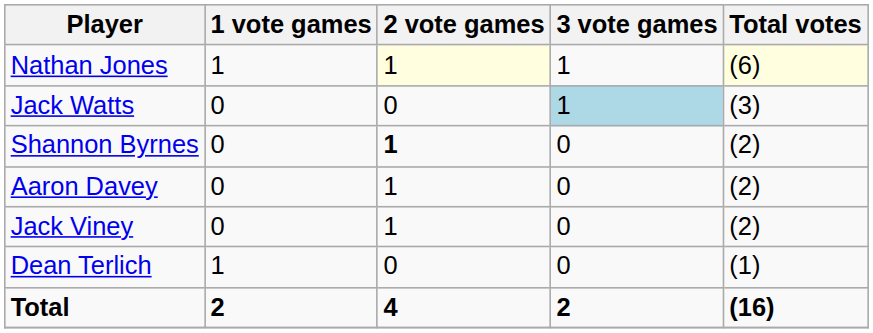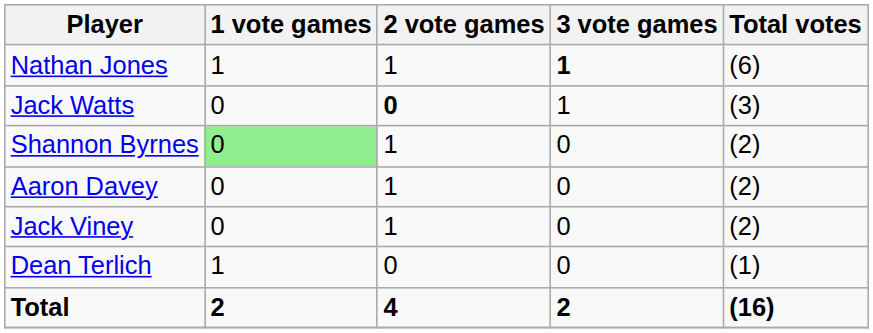 <table class="wikitable">
 <tr>
 <th>Player</th>
 <th>1 vote games</th>
 <th>2 vote games</th>
 <th>3 vote games</th>
 <th>Total votes</th>
 </tr>
 <tr>
 <td><a href='#'>Nathan Jones</a></td>
 <td>1</td>
-<td style="background: lightyellow;">1</td>
 <td>1</td>
-<td style="background: lightyellow;">(6)</td>
+<td><strong>1</strong></td>
+<td>(6)</td>
 </tr>
 <tr>
 <td><a href='#'>Jack Watts</a></td>
 <td>0</td>
-<td>0</td>
-<td style="background: lightblue;">1</td>
+<td><strong>0</strong></td>
+<td>1</td>
 <td>(3)</td>
 </tr>
 <tr>
 <td><a href='#'>Shannon Byrnes</a></td>
-<td>0</td>
-<td><strong>1</strong></td>
+<td style="background: lightgreen;">0</td>
+<td>1</td>
 <td>0</td>
 <td>(2)</td>
 </tr>
 <tr>
 <td><a href='#'>Aaron Davey</a></td>
 <td>0</td>
 <td>1</td>
 <td>0</td>
 <td>(2)</td>
 </tr>
 <tr>
 <td><a href='#'>Jack Viney</a></td>
 <td>0</td>
 <td>1</td>
 <td>0</td>
 <td>(2)</td>
 </tr>
 <tr>
 <td><a href='#'>Dean Terlich</a></td>
 <td>1</td>
 <td>0</td>
 <td>0</td>
 <td>(1)</td>
 </tr>
 <tr>
 <td><strong>Total</strong></td>
 <td><strong>2</strong></td>
 <td><strong>4</strong></td>
 <td><strong>2</strong></td>
 <td><strong>(16)</strong></td>
 </tr>
 <tr>
 </tr>
 </table>
